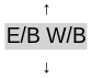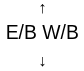 <table style="text-align:center;">
 <tr>
 <td><small>  ↑ </small></td>
 </tr>
 <tr>
-<td style="background: lightgrey;"><span>E/B</span>   <span>W/B</span></td>
+<td><span>E/B</span>   <span>W/B</span></td>
 </tr>
 <tr>
 <td><small> ↓  </small></td>
 </tr>
 </table>
